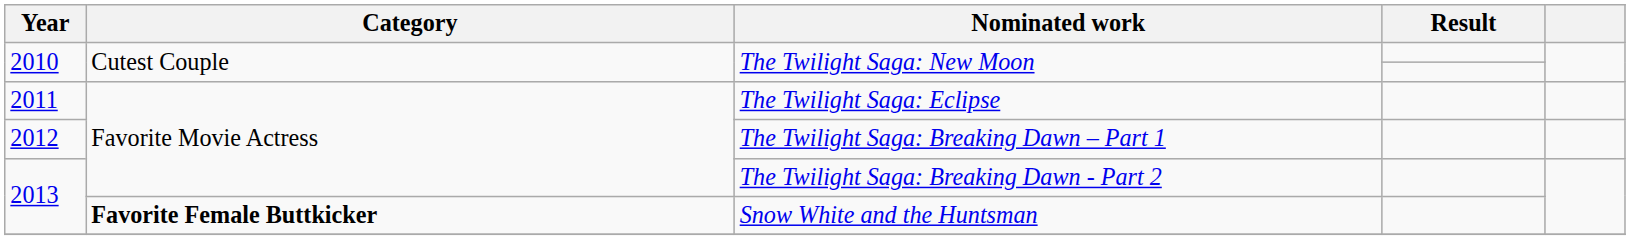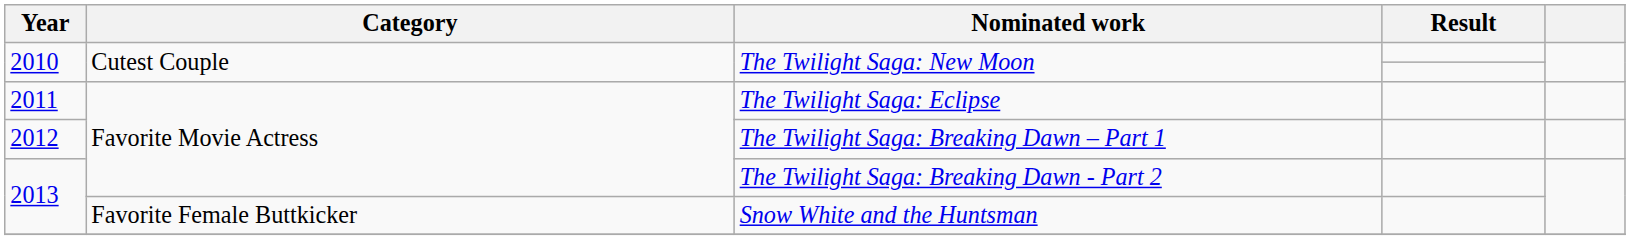 <table class="wikitable" style="width:85%;">
 <tr>
 <th width=5%>Year</th>
 <th style="width:40%;">Category</th>
 <th style="width:40%;">Nominated work</th>
 <th style="width:10%;">Result</th>
 <th width=5%></th>
 </tr>
 <tr>
 <td rowspan="2"><a href='#'>2010</a></td>
 <td rowspan="2">Cutest Couple</td>
 <td rowspan="2"><em><a href='#'>The Twilight Saga: New Moon</a></em></td>
 <td> </td>
 <td rowspan="2"></td>
 </tr>
 <tr>
 <td> </td>
 </tr>
 <tr>
 <td><a href='#'>2011</a></td>
 <td rowspan="3">Favorite Movie Actress</td>
 <td><em><a href='#'>The Twilight Saga: Eclipse</a></em></td>
 <td></td>
 <td></td>
 </tr>
 <tr>
 <td><a href='#'>2012</a></td>
 <td><em><a href='#'>The Twilight Saga: Breaking Dawn – Part 1</a></em></td>
 <td></td>
 <td></td>
 </tr>
 <tr>
 <td rowspan="2"><a href='#'>2013</a></td>
 <td><em><a href='#'>The Twilight Saga: Breaking Dawn - Part 2</a></em></td>
 <td></td>
 <td rowspan="2"></td>
 </tr>
 <tr>
-<td><strong>Favorite Female Buttkicker</strong></td>
+<td>Favorite Female Buttkicker</td>
 <td><em><a href='#'>Snow White and the Huntsman</a></em></td>
 <td></td>
 </tr>
 <tr>
 </tr>
 </table>
